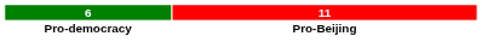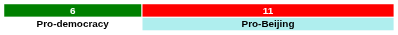 <table style="width:50%; text-align:center;">
 <tr style="color:white;">
 <td style="background:green; width:35.29%;"><strong>6</strong></td>
 <td style="background:red; width:64.71%;"><strong>11</strong></td>
 </tr>
 <tr>
 <td><span><strong>Pro-democracy</strong></span></td>
-<td><span><strong>Pro-Beijing</strong></span></td>
+<td style="background: paleturquoise;"><span><strong>Pro-Beijing</strong></span></td>
 </tr>
 </table>
